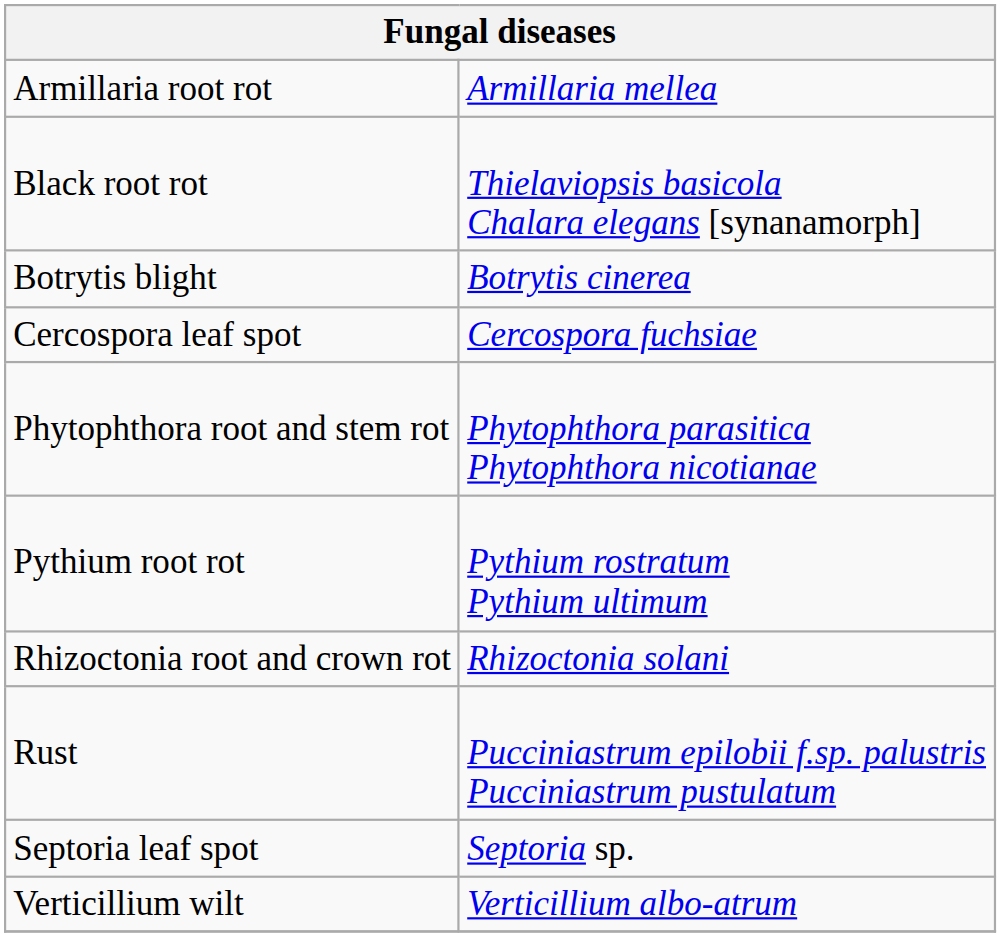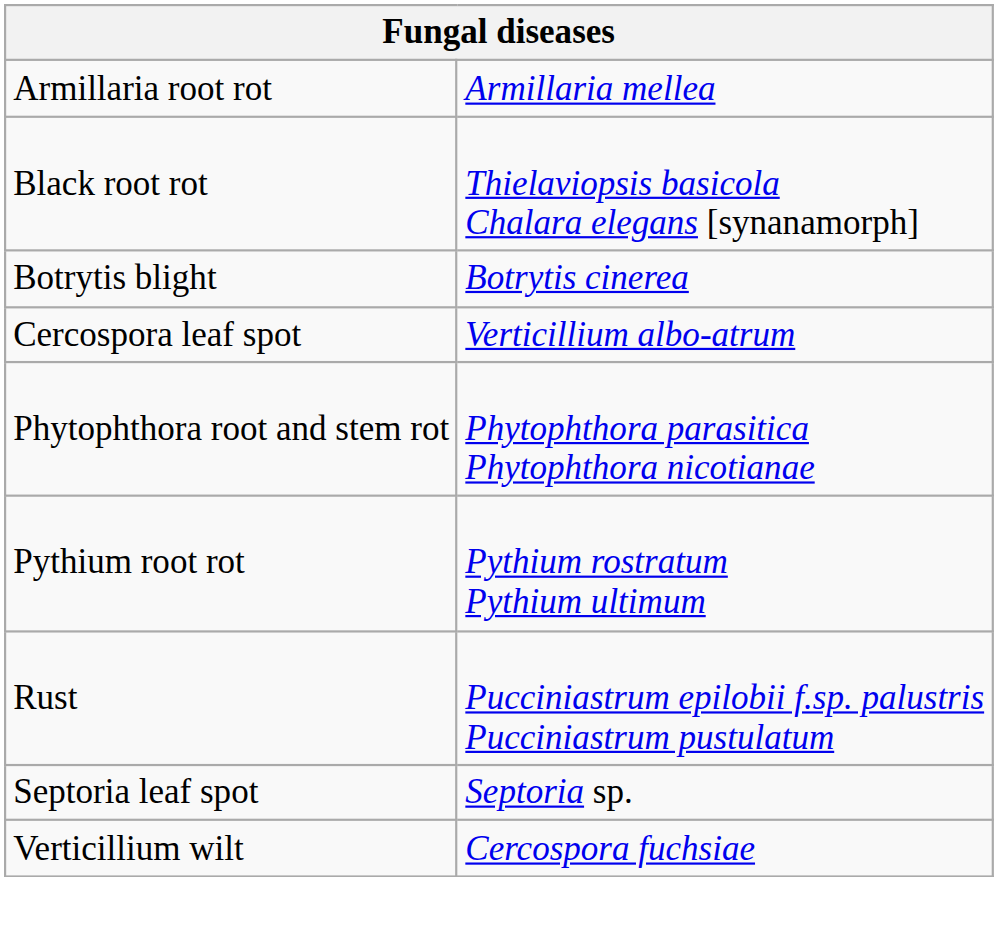 <table class="wikitable" style="clear">
 <tr>
 <th colspan=2><strong>Fungal diseases</strong><br></th>
 </tr>
 <tr>
 <td>Armillaria root rot</td>
 <td><em><a href='#'>Armillaria mellea</a></em></td>
 </tr>
 <tr>
 <td>Black root rot</td>
 <td><br><em><a href='#'>Thielaviopsis basicola</a></em><br> <em><a href='#'>Chalara elegans</a></em> [synanamorph]</td>
 </tr>
 <tr>
 <td>Botrytis blight</td>
 <td><em><a href='#'>Botrytis cinerea</a></em></td>
 </tr>
 <tr>
 <td>Cercospora leaf spot</td>
-<td><em><a href='#'>Cercospora fuchsiae</a></em></td>
+<td><em><a href='#'>Verticillium albo-atrum</a></em></td>
 </tr>
 <tr>
 <td>Phytophthora root and stem rot</td>
 <td><br><em><a href='#'>Phytophthora parasitica</a></em> <br>  <em><a href='#'>Phytophthora nicotianae</a></em></td>
 </tr>
 <tr>
 <td>Pythium root rot</td>
 <td><br><em><a href='#'>Pythium rostratum</a></em><br> <em><a href='#'>Pythium ultimum</a></em></td>
-</tr>
-<tr>
-<td>Rhizoctonia root and crown rot</td>
-<td><em><a href='#'>Rhizoctonia solani</a></em></td>
 </tr>
 <tr>
 <td>Rust</td>
 <td><br><em><a href='#'>Pucciniastrum epilobii f.sp. palustris</a></em><br> <em><a href='#'>Pucciniastrum pustulatum</a></em></td>
 </tr>
 <tr>
 <td>Septoria leaf spot</td>
 <td><em><a href='#'>Septoria</a></em> sp.</td>
 </tr>
 <tr>
 <td>Verticillium wilt</td>
-<td><em><a href='#'>Verticillium albo-atrum</a></em></td>
+<td><em><a href='#'>Cercospora fuchsiae</a></em></td>
 </tr>
 <tr>
 </tr>
 </table>
